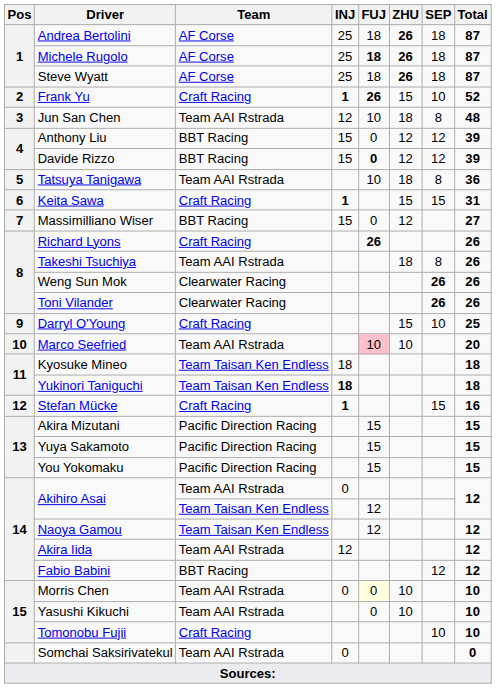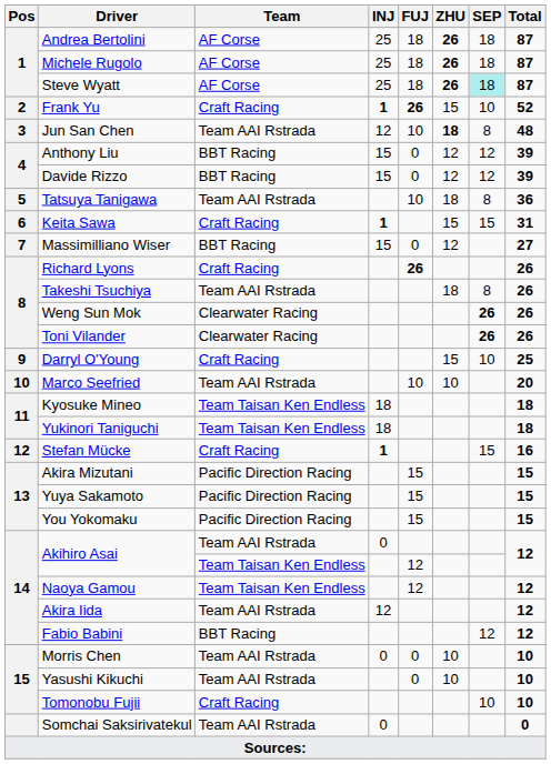 <table class="wikitable" style="font-size: 85%;">
 <tr>
 <th>Pos</th>
 <th>Driver</th>
 <th>Team</th>
 <th>INJ</th>
 <th>FUJ</th>
 <th>ZHU</th>
 <th>SEP</th>
 <th>Total</th>
 </tr>
 <tr>
 <th rowspan=3>1</th>
 <td> <a href='#'>Andrea Bertolini</a></td>
 <td> <a href='#'>AF Corse</a></td>
 <td align=center>25</td>
 <td align=center>18</td>
 <td align=center><strong>26</strong></td>
 <td align=center>18</td>
 <td align=center><strong>87</strong></td>
 </tr>
 <tr>
 <td> <a href='#'>Michele Rugolo</a></td>
 <td> <a href='#'>AF Corse</a></td>
 <td align=center>25</td>
-<td align=center><strong>18</strong></td>
+<td align=center>18</td>
 <td align=center><strong>26</strong></td>
 <td align=center>18</td>
 <td align=center><strong>87</strong></td>
 </tr>
 <tr>
 <td> Steve Wyatt</td>
 <td> <a href='#'>AF Corse</a></td>
 <td align=center>25</td>
 <td align=center>18</td>
 <td align=center><strong>26</strong></td>
-<td align=center>18</td>
+<td align=center style="background: paleturquoise;">18</td>
 <td align=center><strong>87</strong></td>
 </tr>
 <tr>
 <th>2</th>
 <td> <a href='#'>Frank Yu</a></td>
 <td> <a href='#'>Craft Racing</a></td>
 <td align=center><strong>1</strong></td>
 <td align=center><strong>26</strong></td>
 <td align=center>15</td>
 <td align=center>10</td>
 <td align=center><strong>52</strong></td>
 </tr>
 <tr>
 <th>3</th>
 <td> Jun San Chen</td>
 <td> Team AAI Rstrada</td>
 <td align=center>12</td>
 <td align=center>10</td>
-<td align=center>18</td>
+<td align=center><strong>18</strong></td>
 <td align=center>8</td>
 <td align=center><strong>48</strong></td>
 </tr>
 <tr>
 <th rowspan=2>4</th>
 <td> Anthony Liu</td>
 <td> BBT Racing</td>
 <td align=center>15</td>
 <td align=center>0</td>
 <td align=center>12</td>
 <td align=center>12</td>
 <td align=center><strong>39</strong></td>
 </tr>
 <tr>
 <td> Davide Rizzo</td>
 <td> BBT Racing</td>
 <td align=center>15</td>
-<td align=center><strong>0</strong></td>
+<td align=center>0</td>
 <td align=center>12</td>
 <td align=center>12</td>
 <td align=center><strong>39</strong></td>
 </tr>
 <tr>
 <th>5</th>
 <td> <a href='#'>Tatsuya Tanigawa</a></td>
 <td> Team AAI Rstrada</td>
 <td></td>
 <td align=center>10</td>
 <td align=center>18</td>
 <td align=center>8</td>
 <td align=center><strong>36</strong></td>
 </tr>
 <tr>
 <th>6</th>
 <td> <a href='#'>Keita Sawa</a></td>
 <td> <a href='#'>Craft Racing</a></td>
 <td align=center><strong>1</strong></td>
 <td></td>
 <td align=center>15</td>
 <td align=center>15</td>
 <td align=center><strong>31</strong></td>
 </tr>
 <tr>
 <th>7</th>
 <td> Massimilliano Wiser</td>
 <td> BBT Racing</td>
 <td align=center>15</td>
 <td align=center>0</td>
 <td align=center>12</td>
 <td align=center></td>
 <td align=center><strong>27</strong></td>
 </tr>
 <tr>
 <th rowspan=4>8</th>
 <td> <a href='#'>Richard Lyons</a></td>
 <td> <a href='#'>Craft Racing</a></td>
 <td></td>
 <td align=center><strong>26</strong></td>
 <td></td>
 <td align=center></td>
 <td align=center><strong>26</strong></td>
 </tr>
 <tr>
 <td> <a href='#'>Takeshi Tsuchiya</a></td>
 <td> Team AAI Rstrada</td>
 <td></td>
 <td></td>
 <td align=center>18</td>
 <td align=center>8</td>
 <td align=center><strong>26</strong></td>
 </tr>
 <tr>
 <td> Weng Sun Mok</td>
 <td> Clearwater Racing</td>
 <td></td>
 <td></td>
 <td></td>
 <td align=center><strong>26</strong></td>
 <td align=center><strong>26</strong></td>
 </tr>
 <tr>
 <td> <a href='#'>Toni Vilander</a></td>
 <td> Clearwater Racing</td>
 <td></td>
 <td></td>
 <td></td>
 <td align=center><strong>26</strong></td>
 <td align=center><strong>26</strong></td>
 </tr>
 <tr>
 <th>9</th>
 <td> <a href='#'>Darryl O'Young</a></td>
 <td> <a href='#'>Craft Racing</a></td>
 <td></td>
 <td></td>
 <td align=center>15</td>
 <td align=center>10</td>
 <td align=center><strong>25</strong></td>
 </tr>
 <tr>
 <th>10</th>
 <td> <a href='#'>Marco Seefried</a></td>
 <td> Team AAI Rstrada</td>
 <td></td>
-<td align=center style="background: pink;">10</td>
+<td align=center>10</td>
 <td align=center>10</td>
 <td></td>
 <td align=center><strong>20</strong></td>
 </tr>
 <tr>
 <th rowspan=2>11</th>
 <td> Kyosuke Mineo</td>
 <td> <a href='#'>Team Taisan Ken Endless</a></td>
 <td align=center>18</td>
 <td></td>
 <td></td>
 <td></td>
 <td align=center><strong>18</strong></td>
 </tr>
 <tr>
 <td> <a href='#'>Yukinori Taniguchi</a></td>
 <td> <a href='#'>Team Taisan Ken Endless</a></td>
-<td align=center><strong>18</strong></td>
+<td align=center>18</td>
 <td></td>
 <td></td>
 <td></td>
 <td align=center><strong>18</strong></td>
 </tr>
 <tr>
 <th>12</th>
 <td> <a href='#'>Stefan Mücke</a></td>
 <td> <a href='#'>Craft Racing</a></td>
 <td align=center><strong>1</strong></td>
 <td></td>
 <td></td>
 <td align=center>15</td>
 <td align=center><strong>16</strong></td>
 </tr>
 <tr>
 <th rowspan=3>13</th>
 <td> Akira Mizutani</td>
 <td> Pacific Direction Racing</td>
 <td></td>
 <td align=center>15</td>
 <td></td>
 <td></td>
 <td align=center><strong>15</strong></td>
 </tr>
 <tr>
 <td> Yuya Sakamoto</td>
 <td> Pacific Direction Racing</td>
 <td></td>
 <td align=center>15</td>
 <td></td>
 <td></td>
 <td align=center><strong>15</strong></td>
 </tr>
 <tr>
 <td> You Yokomaku</td>
 <td> Pacific Direction Racing</td>
 <td></td>
 <td align=center>15</td>
 <td></td>
 <td></td>
 <td align=center><strong>15</strong></td>
 </tr>
 <tr>
 <th rowspan=5>14</th>
 <td rowspan=2> <a href='#'>Akihiro Asai</a></td>
 <td> Team AAI Rstrada</td>
 <td align=center>0</td>
 <td></td>
 <td></td>
 <td></td>
 <td rowspan="2" align="center"><strong>12</strong></td>
 </tr>
 <tr>
 <td> <a href='#'>Team Taisan Ken Endless</a></td>
 <td></td>
 <td align=center>12</td>
 <td></td>
 <td></td>
 </tr>
 <tr>
 <td> <a href='#'>Naoya Gamou</a></td>
 <td> <a href='#'>Team Taisan Ken Endless</a></td>
 <td></td>
 <td align=center>12</td>
 <td></td>
 <td></td>
 <td align=center><strong>12</strong></td>
 </tr>
 <tr>
 <td> <a href='#'>Akira Iida</a></td>
 <td> Team AAI Rstrada</td>
 <td align=center>12</td>
 <td></td>
 <td></td>
 <td></td>
 <td align=center><strong>12</strong></td>
 </tr>
 <tr>
 <td> <a href='#'>Fabio Babini</a></td>
 <td> BBT Racing</td>
 <td></td>
 <td></td>
 <td></td>
 <td align=center>12</td>
 <td align=center><strong>12</strong></td>
 </tr>
 <tr>
 <th rowspan=3>15</th>
 <td> Morris Chen</td>
 <td> Team AAI Rstrada</td>
 <td align=center>0</td>
-<td align=center style="background: lightyellow;">0</td>
+<td align=center>0</td>
 <td align=center>10</td>
 <td></td>
 <td align=center><strong>10</strong></td>
 </tr>
 <tr>
 <td> Yasushi Kikuchi</td>
 <td> Team AAI Rstrada</td>
 <td></td>
 <td align=center>0</td>
 <td align=center>10</td>
 <td></td>
 <td align=center><strong>10</strong></td>
 </tr>
 <tr>
 <td> <a href='#'>Tomonobu Fujii</a></td>
 <td> <a href='#'>Craft Racing</a></td>
 <td></td>
 <td></td>
 <td></td>
 <td align=center>10</td>
 <td align=center><strong>10</strong></td>
 </tr>
 <tr>
 <th></th>
 <td> Somchai Saksirivatekul</td>
 <td> Team AAI Rstrada</td>
 <td align=center>0</td>
 <td></td>
 <td></td>
 <td></td>
 <td align=center><strong>0</strong></td>
 </tr>
 <tr class="sortbottom">
 <td colspan="8" style="background-color:#EAECF0;text-align:center"><strong>Sources:</strong></td>
 </tr>
 </table>
